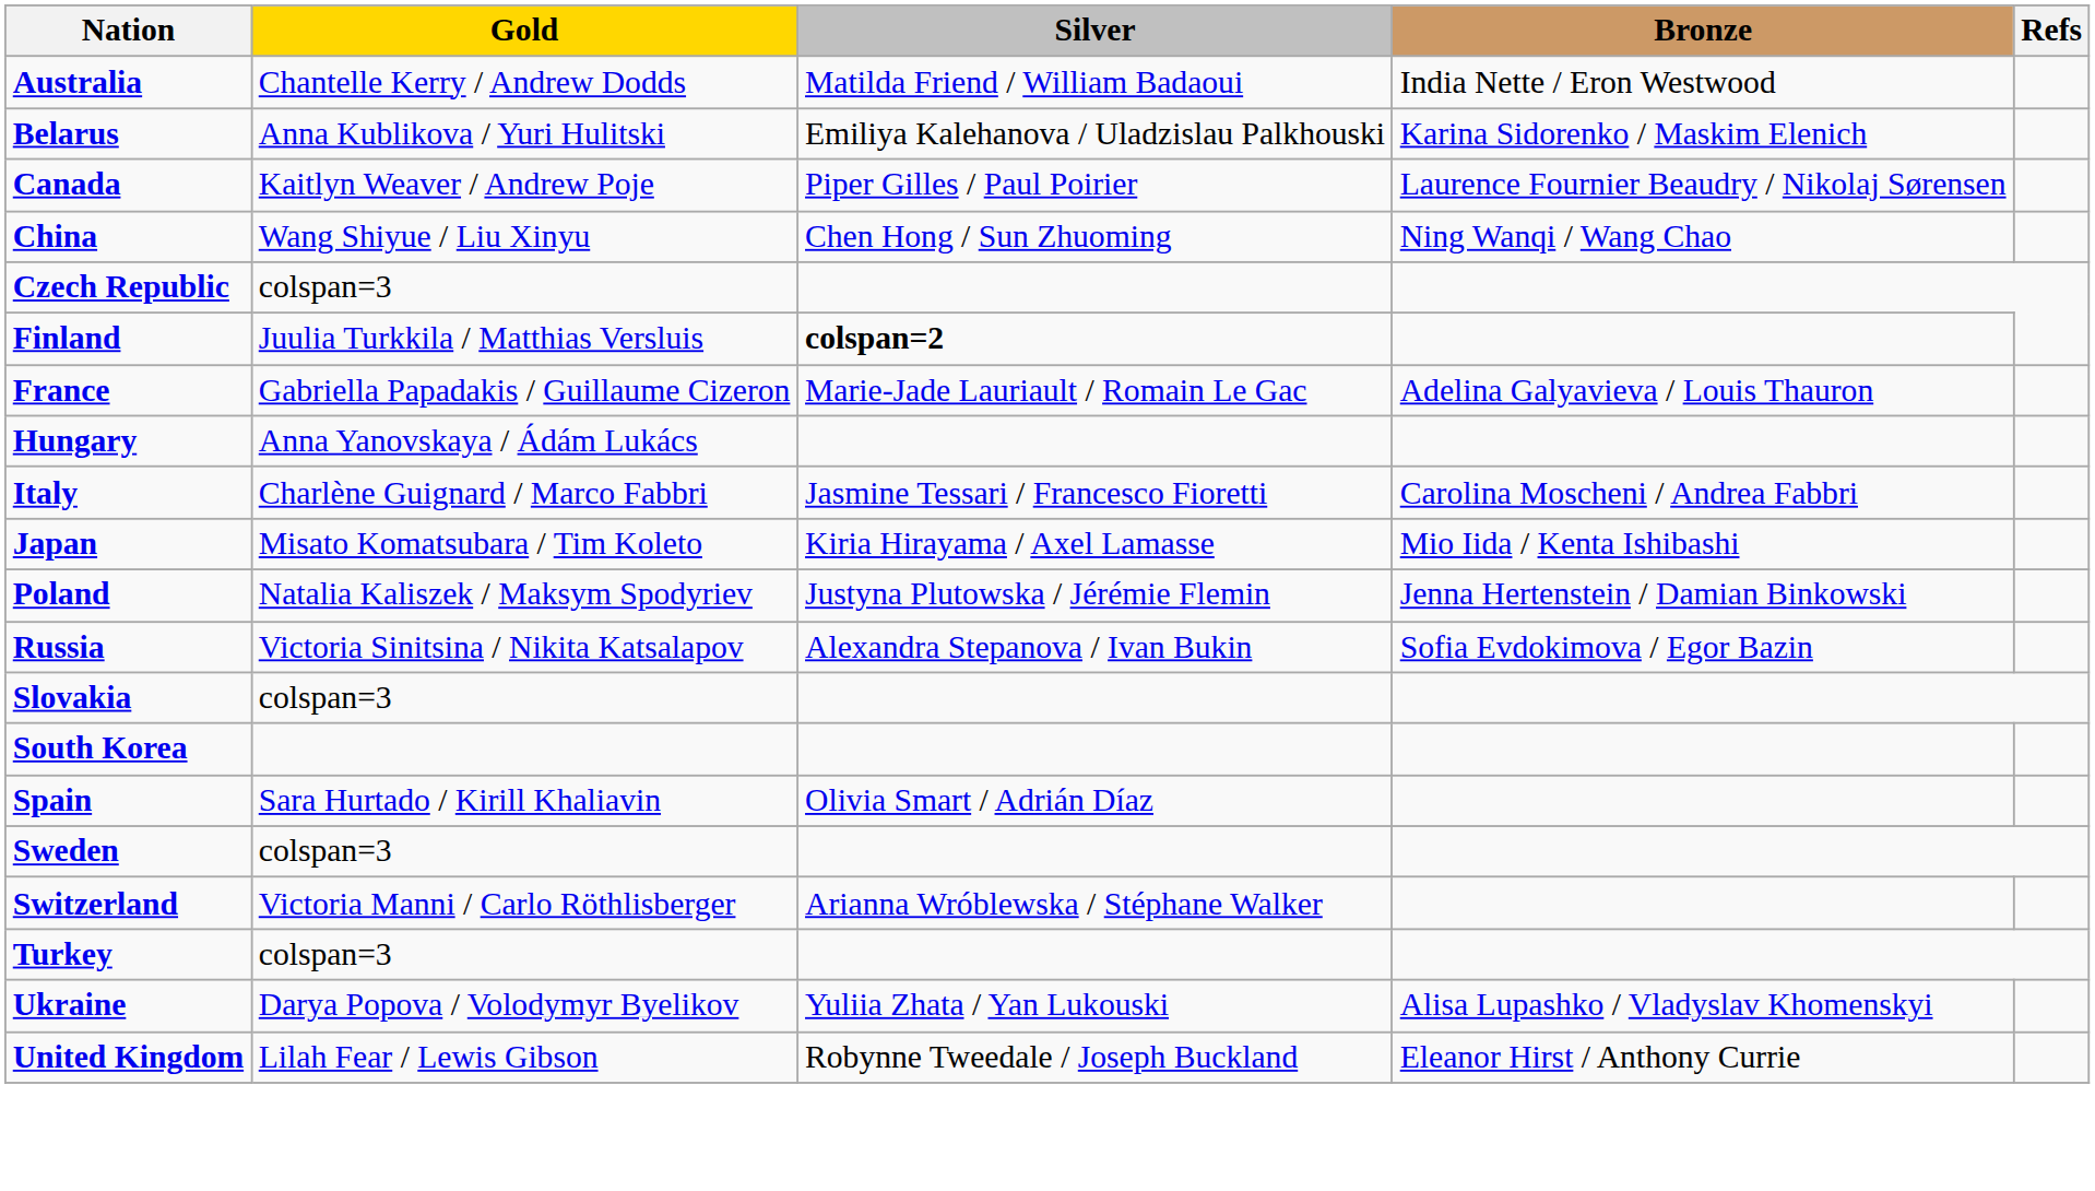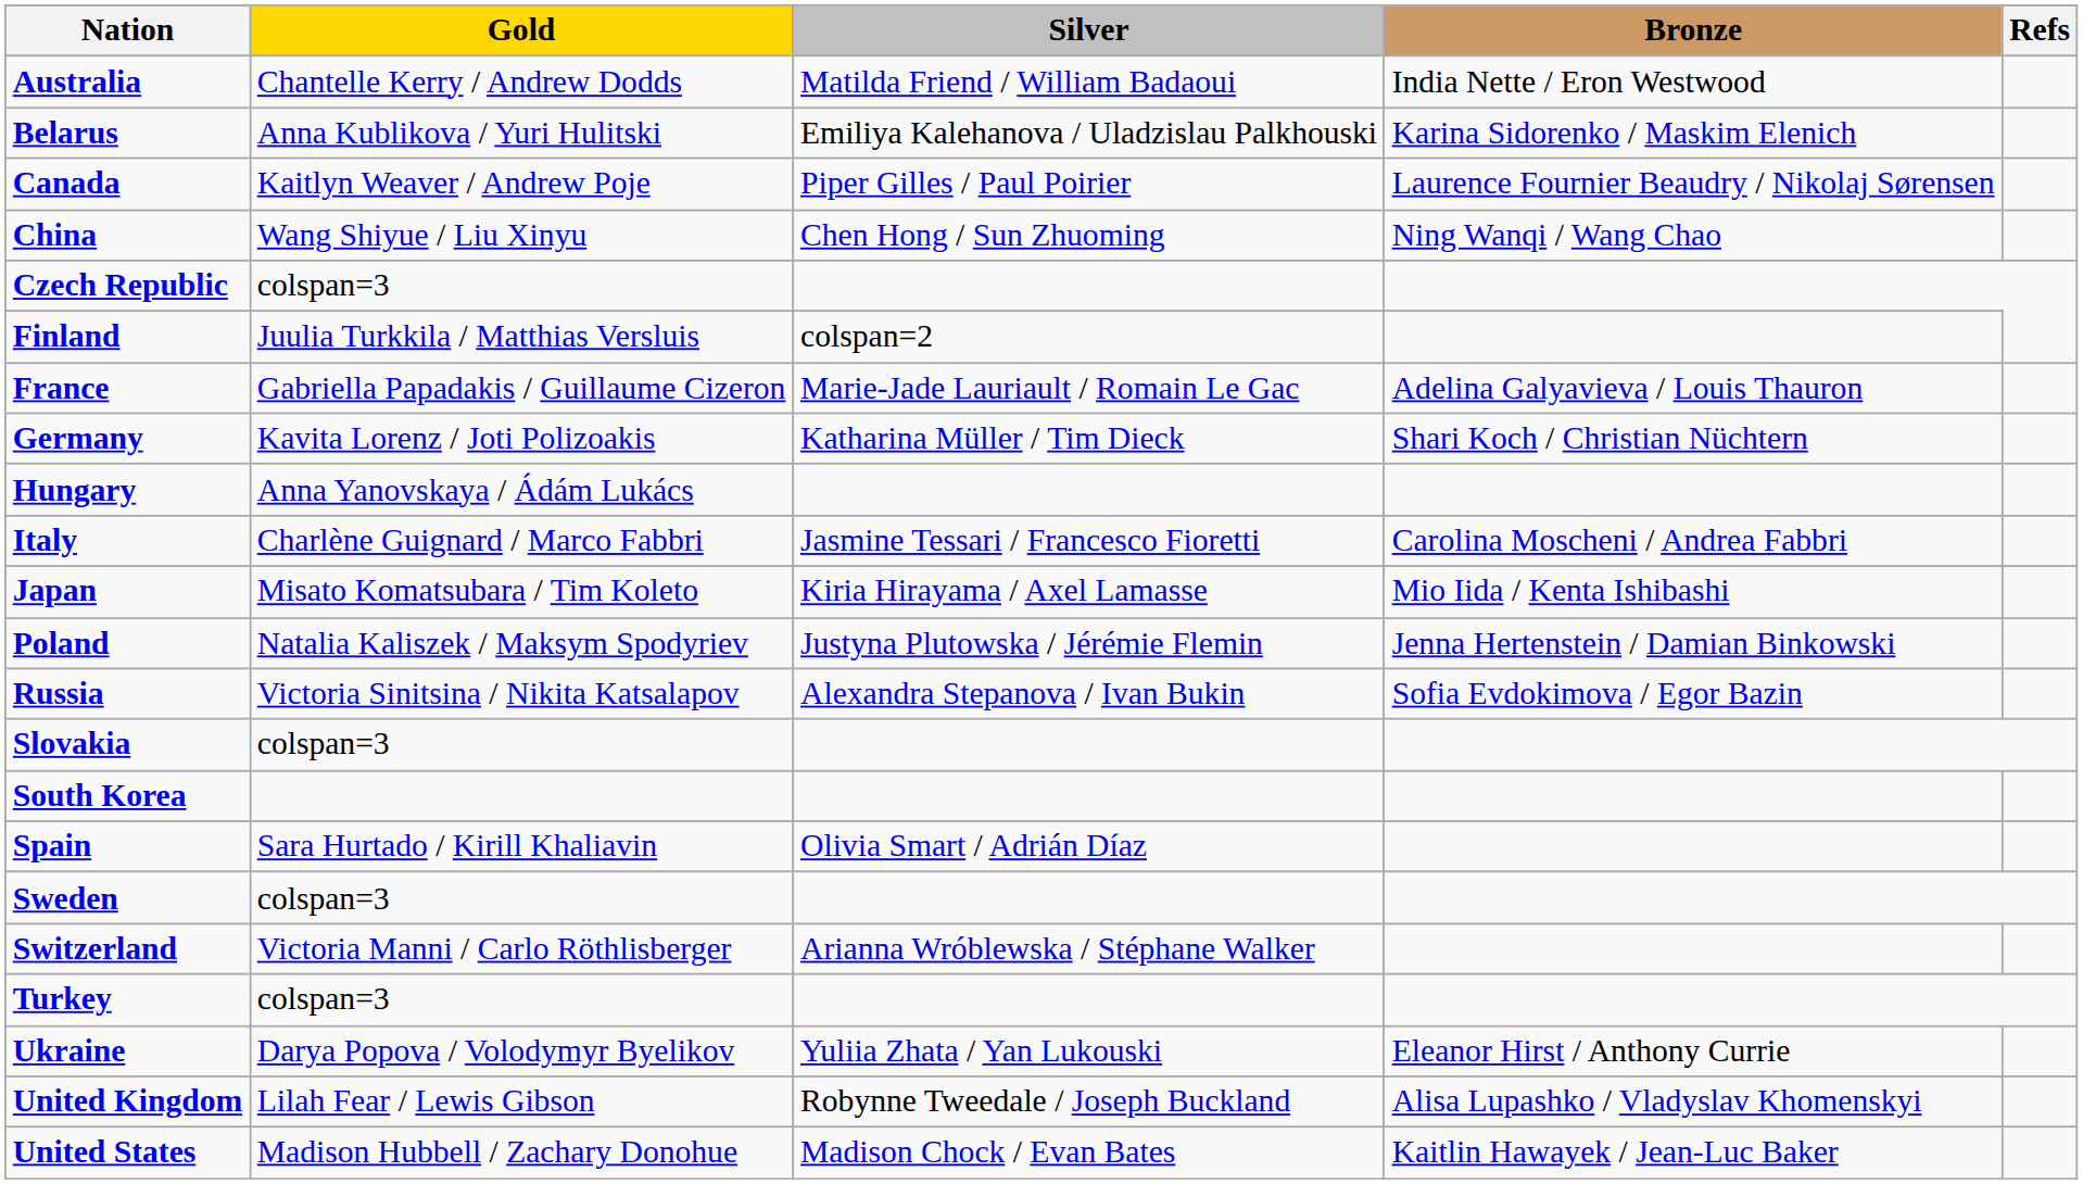 <table class="wikitable">
 <tr>
 <th>Nation</th>
 <td style="text-align:center; background:gold;"><strong>Gold</strong></td>
 <td style="text-align:center; background:silver;"><strong>Silver</strong></td>
 <td style="text-align:center; background:#c96;"><strong>Bronze</strong></td>
 <th>Refs</th>
 </tr>
 <tr>
 <td><strong><a href='#'>Australia</a></strong></td>
 <td><a href='#'>Chantelle Kerry</a> / <a href='#'>Andrew Dodds</a></td>
 <td><a href='#'>Matilda Friend</a> / <a href='#'>William Badaoui</a></td>
 <td>India Nette / Eron Westwood</td>
 <td></td>
 </tr>
 <tr>
 <td><strong><a href='#'>Belarus</a></strong></td>
 <td><a href='#'>Anna Kublikova</a> / <a href='#'>Yuri Hulitski</a></td>
 <td>Emiliya Kalehanova / Uladzislau Palkhouski</td>
 <td><a href='#'>Karina Sidorenko</a> / <a href='#'>Maskim Elenich</a></td>
 <td></td>
 </tr>
 <tr>
 <td><strong><a href='#'>Canada</a></strong></td>
 <td><a href='#'>Kaitlyn Weaver</a> / <a href='#'>Andrew Poje</a></td>
 <td><a href='#'>Piper Gilles</a> / <a href='#'>Paul Poirier</a></td>
 <td><a href='#'>Laurence Fournier Beaudry</a> / <a href='#'>Nikolaj Sørensen</a></td>
 <td></td>
 </tr>
 <tr>
 <td><strong><a href='#'>China</a></strong></td>
 <td><a href='#'>Wang Shiyue</a> / <a href='#'>Liu Xinyu</a></td>
 <td><a href='#'>Chen Hong</a> / <a href='#'>Sun Zhuoming</a></td>
 <td><a href='#'>Ning Wanqi</a> / <a href='#'>Wang Chao</a></td>
 <td></td>
 </tr>
 <tr>
 <td><strong><a href='#'>Czech Republic</a></strong></td>
 <td>colspan=3 </td>
 <td></td>
 </tr>
 <tr>
 <td><strong><a href='#'>Finland</a></strong></td>
 <td><a href='#'>Juulia Turkkila</a> / <a href='#'>Matthias Versluis</a></td>
-<td><strong>colspan=2 </strong></td>
+<td>colspan=2 </td>
 <td></td>
 </tr>
 <tr>
 <td><strong><a href='#'>France</a></strong></td>
 <td><a href='#'>Gabriella Papadakis</a> / <a href='#'>Guillaume Cizeron</a></td>
 <td><a href='#'>Marie-Jade Lauriault</a> / <a href='#'>Romain Le Gac</a></td>
 <td><a href='#'>Adelina Galyavieva</a> / <a href='#'>Louis Thauron</a></td>
+<td></td>
+</tr>
+<tr>
+<td><strong><a href='#'>Germany</a></strong></td>
+<td><a href='#'>Kavita Lorenz</a> / <a href='#'>Joti Polizoakis</a></td>
+<td><a href='#'>Katharina Müller</a> / <a href='#'>Tim Dieck</a></td>
+<td><a href='#'>Shari Koch</a> / <a href='#'>Christian Nüchtern</a></td>
 <td></td>
 </tr>
 <tr>
 <td><strong><a href='#'>Hungary</a></strong></td>
 <td><a href='#'>Anna Yanovskaya</a> / <a href='#'>Ádám Lukács</a></td>
 <td></td>
 <td></td>
 <td></td>
 </tr>
 <tr>
 <td><strong><a href='#'>Italy</a></strong></td>
 <td><a href='#'>Charlène Guignard</a> / <a href='#'>Marco Fabbri</a></td>
 <td><a href='#'>Jasmine Tessari</a> / <a href='#'>Francesco Fioretti</a></td>
 <td><a href='#'>Carolina Moscheni</a> / <a href='#'>Andrea Fabbri</a></td>
 <td></td>
 </tr>
 <tr>
 <td><strong><a href='#'>Japan</a></strong></td>
 <td><a href='#'>Misato Komatsubara</a> / <a href='#'>Tim Koleto</a></td>
 <td><a href='#'>Kiria Hirayama</a> / <a href='#'>Axel Lamasse</a></td>
 <td><a href='#'>Mio Iida</a> / <a href='#'>Kenta Ishibashi</a></td>
 <td></td>
 </tr>
 <tr>
 <td><strong><a href='#'>Poland</a></strong></td>
 <td><a href='#'>Natalia Kaliszek</a> / <a href='#'>Maksym Spodyriev</a></td>
 <td><a href='#'>Justyna Plutowska</a> / <a href='#'>Jérémie Flemin</a></td>
 <td><a href='#'>Jenna Hertenstein</a> / <a href='#'>Damian Binkowski</a></td>
 <td></td>
 </tr>
 <tr>
 <td><strong><a href='#'>Russia</a></strong></td>
 <td><a href='#'>Victoria Sinitsina</a> / <a href='#'>Nikita Katsalapov</a></td>
 <td><a href='#'>Alexandra Stepanova</a> / <a href='#'>Ivan Bukin</a></td>
 <td><a href='#'>Sofia Evdokimova</a> / <a href='#'>Egor Bazin</a></td>
 <td></td>
 </tr>
 <tr>
 <td><strong><a href='#'>Slovakia</a></strong></td>
 <td>colspan=3 </td>
 <td></td>
 </tr>
 <tr>
 <td><strong><a href='#'>South Korea</a></strong></td>
 <td></td>
 <td></td>
 <td></td>
 <td></td>
 </tr>
 <tr>
 <td><strong><a href='#'>Spain</a></strong></td>
 <td><a href='#'>Sara Hurtado</a> / <a href='#'>Kirill Khaliavin</a></td>
 <td><a href='#'>Olivia Smart</a> / <a href='#'>Adrián Díaz</a></td>
 <td></td>
 <td></td>
 </tr>
 <tr>
 <td><strong><a href='#'>Sweden</a></strong></td>
 <td>colspan=3 </td>
 <td></td>
 </tr>
 <tr>
 <td><strong><a href='#'>Switzerland</a></strong></td>
 <td><a href='#'>Victoria Manni</a> / <a href='#'>Carlo Röthlisberger</a></td>
 <td><a href='#'>Arianna Wróblewska</a> / <a href='#'>Stéphane Walker</a></td>
 <td></td>
 <td></td>
 </tr>
 <tr>
 <td><strong><a href='#'>Turkey</a></strong></td>
 <td>colspan=3 </td>
 <td></td>
 </tr>
 <tr>
 <td><strong><a href='#'>Ukraine</a></strong></td>
 <td><a href='#'>Darya Popova</a> / <a href='#'>Volodymyr Byelikov</a></td>
 <td><a href='#'>Yuliia Zhata</a> / <a href='#'>Yan Lukouski</a></td>
-<td><a href='#'>Alisa Lupashko</a> / <a href='#'>Vladyslav Khomenskyi</a></td>
+<td><a href='#'>Eleanor Hirst</a> / Anthony Currie</td>
 <td></td>
 </tr>
 <tr>
 <td><strong><a href='#'>United Kingdom</a></strong></td>
 <td><a href='#'>Lilah Fear</a> / <a href='#'>Lewis Gibson</a></td>
 <td>Robynne Tweedale / <a href='#'>Joseph Buckland</a></td>
-<td><a href='#'>Eleanor Hirst</a> / Anthony Currie</td>
+<td><a href='#'>Alisa Lupashko</a> / <a href='#'>Vladyslav Khomenskyi</a></td>
+<td></td>
+</tr>
+<tr>
+<td><strong><a href='#'>United States</a></strong></td>
+<td><a href='#'>Madison Hubbell</a> / <a href='#'>Zachary Donohue</a></td>
+<td><a href='#'>Madison Chock</a> / <a href='#'>Evan Bates</a></td>
+<td><a href='#'>Kaitlin Hawayek</a> / <a href='#'>Jean-Luc Baker</a></td>
 <td></td>
 </tr>
 </table>
